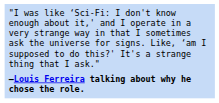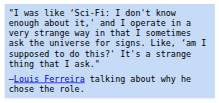 <table class="toccolours" style="float: left; margin-left: 1em; margin-right: 2em; font-size: 90%; background:#c6dbf7; color:black; width:25em; max-width: 40%;" cellspacing="5">
 <tr>
 <td style="text-align: left;">"I was like ‘Sci-Fi: I don't know enough about it,' and I operate in a very strange way in that I sometimes ask the universe for signs. Like, ‘am I supposed to do this?' It's a strange thing that I ask."</td>
 </tr>
 <tr>
-<td style="text-align: left;"><strong>—<a href='#'>Louis Ferreira</a> talking about why he chose the role.</strong></td>
+<td style="text-align: left;">—<a href='#'>Louis Ferreira</a> talking about why he chose the role.</td>
 </tr>
 </table>
